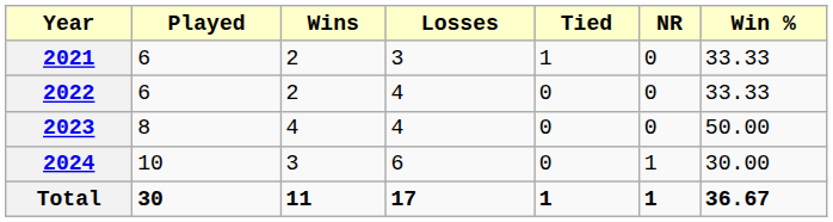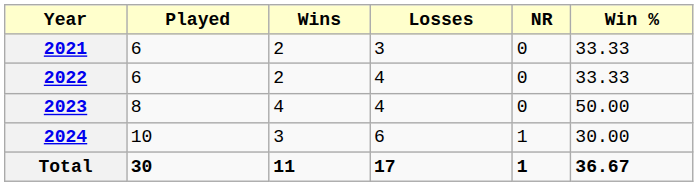 <table class="wikitable" style="width:25%;">
 <tr>
 <th style="background:#ffc;">Year</th>
 <th style="background:#ffc;">Played</th>
 <th style="background:#ffc;">Wins</th>
 <th style="background:#ffc;">Losses</th>
-<th style="background:#ffc;">Tied</th>
 <th style="background:#ffc;">NR</th>
 <th style="background:#ffc;">Win %</th>
 </tr>
 <tr>
 <th><a href='#'>2021</a></th>
 <td>6</td>
 <td>2</td>
 <td>3</td>
-<td>1</td>
 <td>0</td>
 <td>33.33</td>
 </tr>
 <tr>
 <th><a href='#'>2022</a></th>
 <td>6</td>
 <td>2</td>
 <td>4</td>
 <td>0</td>
-<td>0</td>
 <td>33.33</td>
 </tr>
 <tr>
 <th><a href='#'>2023</a></th>
 <td>8</td>
 <td>4</td>
 <td>4</td>
 <td>0</td>
-<td>0</td>
 <td>50.00</td>
 </tr>
 <tr>
 <th><a href='#'>2024</a></th>
 <td>10</td>
 <td>3</td>
 <td>6</td>
-<td>0</td>
 <td>1</td>
 <td>30.00</td>
 </tr>
 <tr>
 <th>Total</th>
 <td><strong>30</strong></td>
 <td><strong>11</strong></td>
 <td><strong>17</strong></td>
 <td><strong>1</strong></td>
-<td><strong>1</strong></td>
 <td><strong>36.67</strong></td>
 </tr>
 </table>
